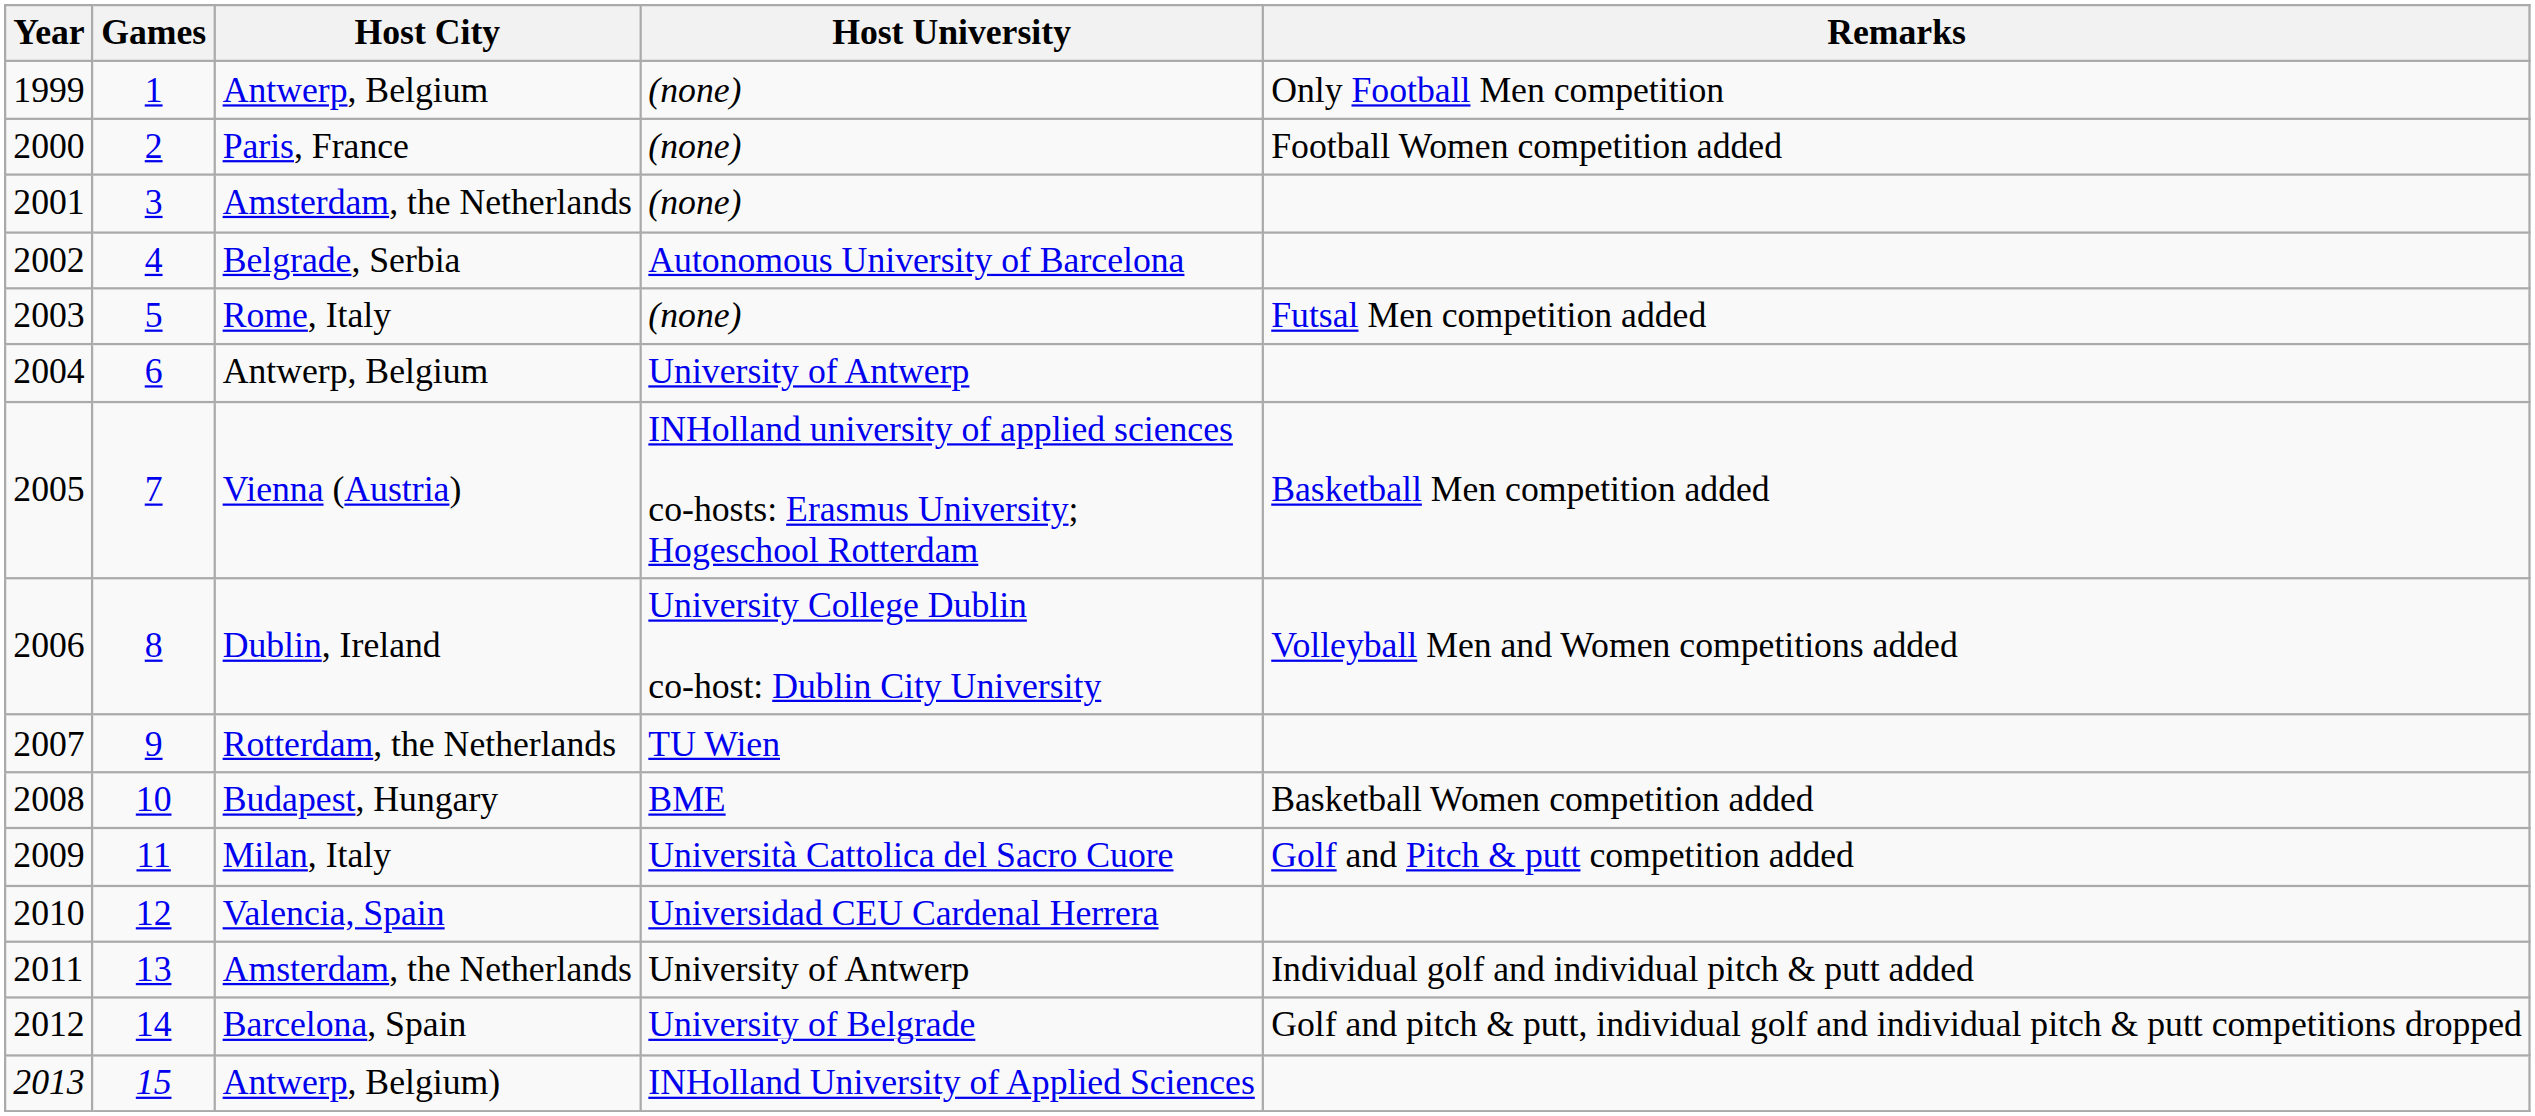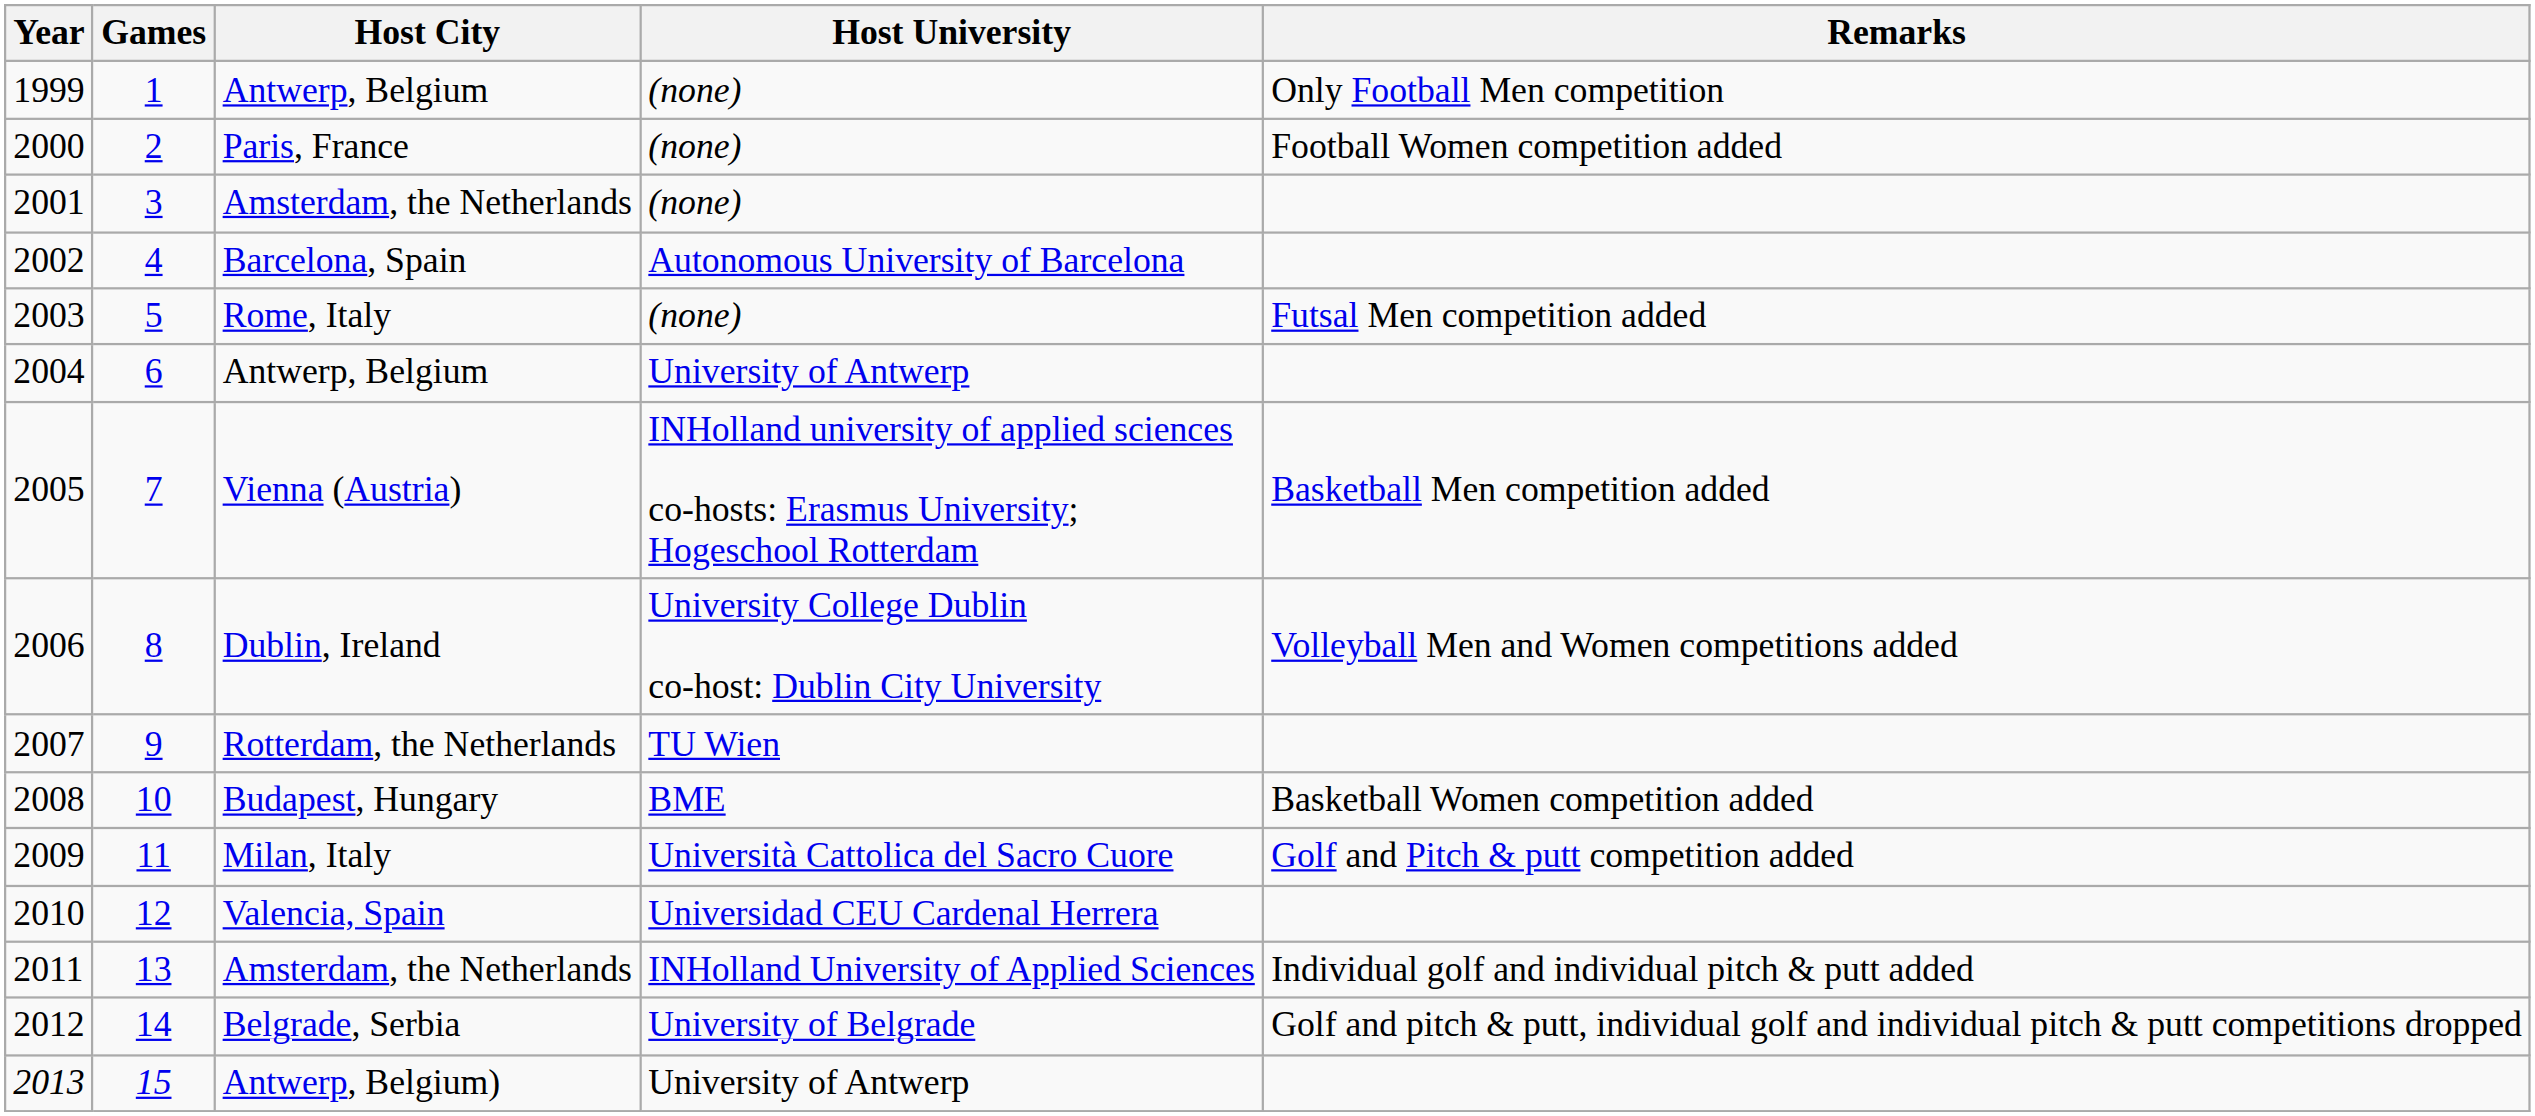 <table class="wikitable">
 <tr>
 <th>Year</th>
 <th>Games</th>
 <th>Host City</th>
 <th>Host University</th>
 <th>Remarks</th>
 </tr>
 <tr>
 <td>1999</td>
 <td align=center><a href='#'>1</a></td>
 <td> <a href='#'>Antwerp</a>, Belgium</td>
 <td><em>(none)</em></td>
 <td>Only <a href='#'>Football</a> Men competition</td>
 </tr>
 <tr>
 <td>2000</td>
 <td align=center><a href='#'>2</a></td>
 <td> <a href='#'>Paris</a>, France</td>
 <td><em>(none)</em></td>
 <td>Football Women competition added</td>
 </tr>
 <tr>
 <td>2001</td>
 <td align=center><a href='#'>3</a></td>
 <td> <a href='#'>Amsterdam</a>, the Netherlands</td>
 <td><em>(none)</em></td>
 <td></td>
 </tr>
 <tr>
 <td>2002</td>
 <td align=center><a href='#'>4</a></td>
-<td> <a href='#'>Belgrade</a>, Serbia</td>
+<td> <a href='#'>Barcelona</a>, Spain</td>
 <td><a href='#'>Autonomous University of Barcelona</a></td>
 <td></td>
 </tr>
 <tr>
 <td>2003</td>
 <td align=center><a href='#'>5</a></td>
 <td> <a href='#'>Rome</a>, Italy</td>
 <td><em>(none)</em></td>
 <td><a href='#'>Futsal</a> Men competition added</td>
 </tr>
 <tr>
 <td>2004</td>
 <td align=center><a href='#'>6</a></td>
 <td> Antwerp, Belgium</td>
 <td><a href='#'>University of Antwerp</a></td>
 <td></td>
 </tr>
 <tr>
 <td>2005</td>
 <td align=center><a href='#'>7</a></td>
 <td> <a href='#'>Vienna</a> (<a href='#'>Austria</a>)</td>
 <td><a href='#'>INHolland university of applied sciences</a><br><br>co-hosts: <a href='#'>Erasmus University</a>;<br> <a href='#'>Hogeschool Rotterdam</a></td>
 <td><a href='#'>Basketball</a> Men competition added</td>
 </tr>
 <tr>
 <td>2006</td>
 <td align=center><a href='#'>8</a></td>
 <td> <a href='#'>Dublin</a>, Ireland</td>
 <td><a href='#'>University College Dublin</a><br><br>co-host: <a href='#'>Dublin City University</a></td>
 <td><a href='#'>Volleyball</a> Men and Women competitions added</td>
 </tr>
 <tr>
 <td>2007</td>
 <td align=center><a href='#'>9</a></td>
 <td> <a href='#'>Rotterdam</a>, the Netherlands</td>
 <td><a href='#'>TU Wien</a></td>
 <td></td>
 </tr>
 <tr>
 <td>2008</td>
 <td align=center><a href='#'>10</a></td>
 <td> <a href='#'>Budapest</a>, Hungary</td>
 <td><a href='#'>BME</a></td>
 <td>Basketball Women competition added</td>
 </tr>
 <tr>
 <td>2009</td>
 <td align=center><a href='#'>11</a></td>
 <td> <a href='#'>Milan</a>, Italy</td>
 <td><a href='#'>Università Cattolica del Sacro Cuore</a></td>
 <td><a href='#'>Golf</a> and <a href='#'>Pitch & putt</a> competition added</td>
 </tr>
 <tr>
 <td>2010</td>
 <td align=center><a href='#'>12</a></td>
 <td> <a href='#'>Valencia, Spain</a></td>
 <td><a href='#'>Universidad CEU Cardenal Herrera</a></td>
 <td></td>
 </tr>
 <tr>
 <td>2011</td>
 <td align=center><a href='#'>13</a></td>
 <td> <a href='#'>Amsterdam</a>, the Netherlands</td>
-<td>University of Antwerp</td>
+<td><a href='#'>INHolland University of Applied Sciences</a></td>
 <td>Individual golf and individual pitch & putt added</td>
 </tr>
 <tr>
 <td>2012</td>
 <td align=center><a href='#'>14</a></td>
-<td> <a href='#'>Barcelona</a>, Spain</td>
+<td> <a href='#'>Belgrade</a>, Serbia</td>
 <td><a href='#'>University of Belgrade</a></td>
 <td>Golf and pitch & putt, individual golf and individual pitch & putt competitions dropped</td>
 </tr>
 <tr>
 <td><em>2013</em></td>
 <td align=center><em><a href='#'>15</a></em></td>
 <td> <a href='#'>Antwerp</a>, Belgium)</td>
-<td><a href='#'>INHolland University of Applied Sciences</a></td>
+<td>University of Antwerp</td>
 <td></td>
 </tr>
 </table>
